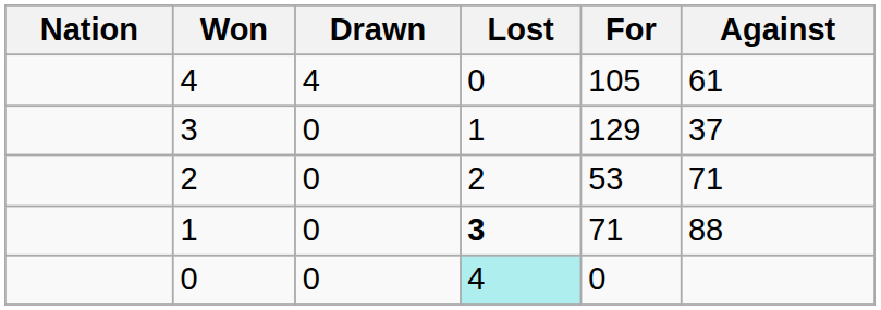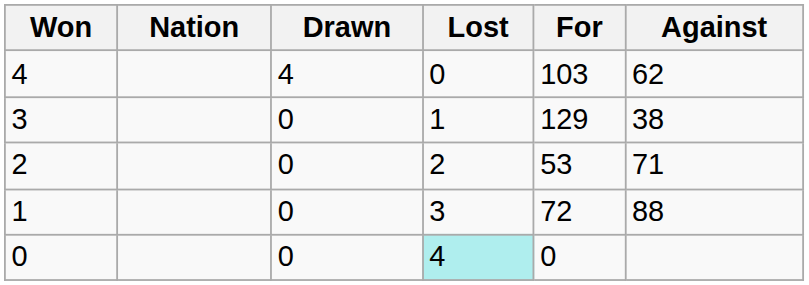 <table class="wikitable" style="width:50%">
 <tr>
+<th>Won</th>
 <th>Nation</th>
-<th>Won</th>
 <th>Drawn</th>
 <th>Lost</th>
 <th>For</th>
 <th>Against</th>
 </tr>
 <tr>
+<td>4</td>
 <td></td>
 <td>4</td>
-<td>4</td>
 <td>0</td>
-<td>105</td>
-<td>61</td>
+<td>103</td>
+<td>62</td>
 </tr>
 <tr>
+<td>3</td>
 <td></td>
-<td>3</td>
 <td>0</td>
 <td>1</td>
 <td>129</td>
-<td>37</td>
+<td>38</td>
 </tr>
 <tr>
+<td>2</td>
 <td></td>
-<td>2</td>
 <td>0</td>
 <td>2</td>
 <td>53</td>
 <td>71</td>
 </tr>
 <tr>
+<td>1</td>
 <td></td>
-<td>1</td>
 <td>0</td>
-<td><strong>3</strong></td>
-<td>71</td>
+<td>3</td>
+<td>72</td>
 <td>88</td>
 </tr>
 <tr>
+<td>0</td>
 <td></td>
-<td>0</td>
 <td>0</td>
 <td style="background: paleturquoise;">4</td>
 <td>0</td>
 <td></td>
 </tr>
 </table>
